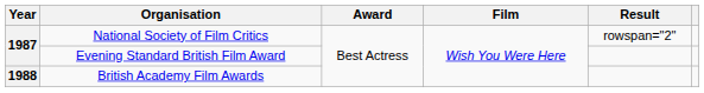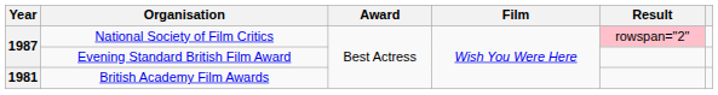 <table class="wikitable plainrowheaders unsortable" style="text-align:center">
 <tr>
 <th style="width:5%;">Year</th>
 <th>Organisation</th>
 <th>Award</th>
 <th>Film</th>
 <th>Result</th>
 <th></th>
 </tr>
 <tr>
 <th scope="row" rowspan="2">1987</th>
 <td><a href='#'>National Society of Film Critics</a></td>
 <td rowspan="3">Best Actress</td>
 <td rowspan="3"><em><a href='#'>Wish You Were Here</a></em></td>
-<td>rowspan="2" </td>
+<td style="background: pink;">rowspan="2" </td>
 <td></td>
 </tr>
 <tr>
 <td><a href='#'>Evening Standard British Film Award</a></td>
 <td></td>
 </tr>
 <tr>
-<th scope="row">1988</th>
+<th scope="row">1981</th>
 <td><a href='#'>British Academy Film Awards</a></td>
 <td></td>
 <td></td>
 </tr>
 </table>
